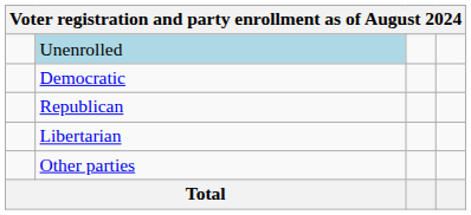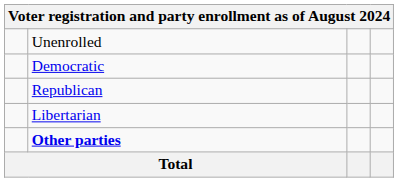 <table class=wikitable>
 <tr>
 <th colspan = 6>Voter registration and party enrollment as of August 2024</th>
 </tr>
 <tr>
 <td></td>
-<td style="background: lightblue;">Unenrolled</td>
+<td>Unenrolled</td>
 <td align = center></td>
 <td align = center></td>
 </tr>
 <tr>
 <td></td>
 <td><a href='#'>Democratic</a></td>
 <td align = center></td>
 <td align = center></td>
 </tr>
 <tr>
 <td></td>
 <td><a href='#'>Republican</a></td>
 <td align = center></td>
 <td align = center></td>
 </tr>
 <tr>
 <td></td>
 <td><a href='#'>Libertarian</a></td>
 <td align = center></td>
 <td align = center></td>
 </tr>
 <tr>
 <td></td>
-<td><a href='#'>Other parties</a></td>
+<td><strong><a href='#'>Other parties</a></strong></td>
 <td align = center></td>
 <td align = center></td>
 </tr>
 <tr>
 <th colspan = 2>Total</th>
 <th align = center></th>
 <th align = center></th>
 </tr>
 </table>
